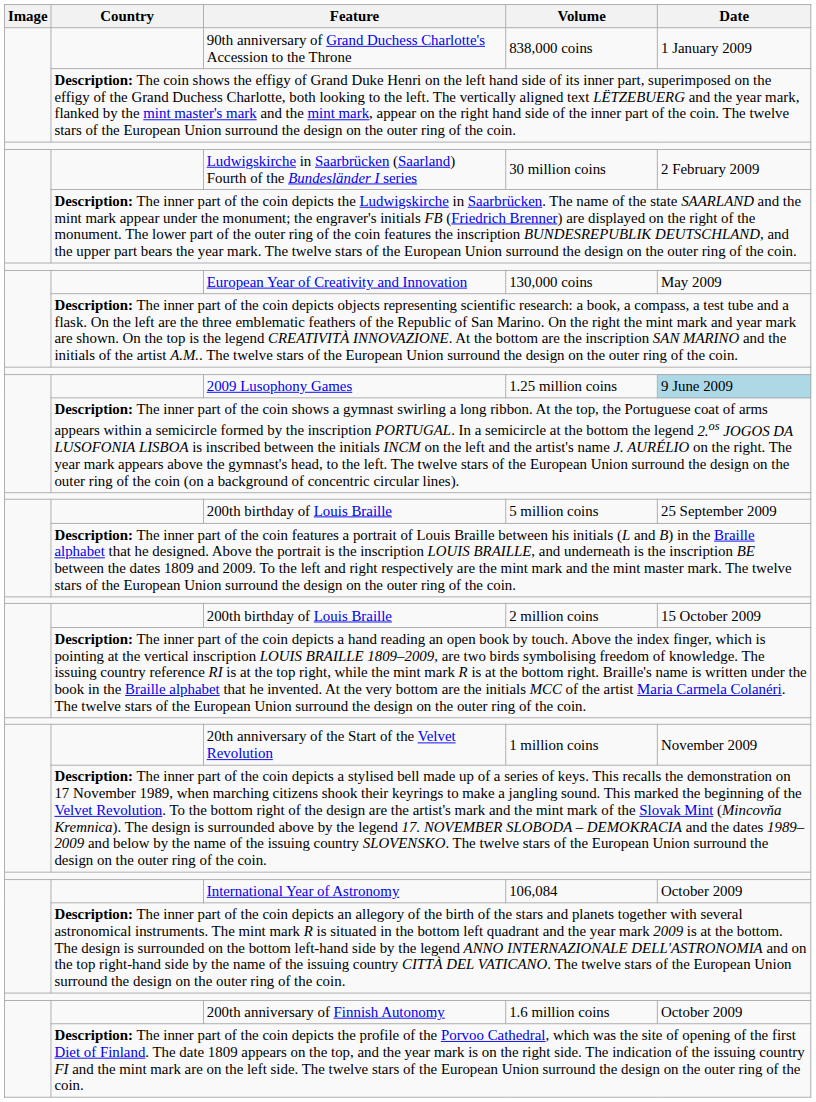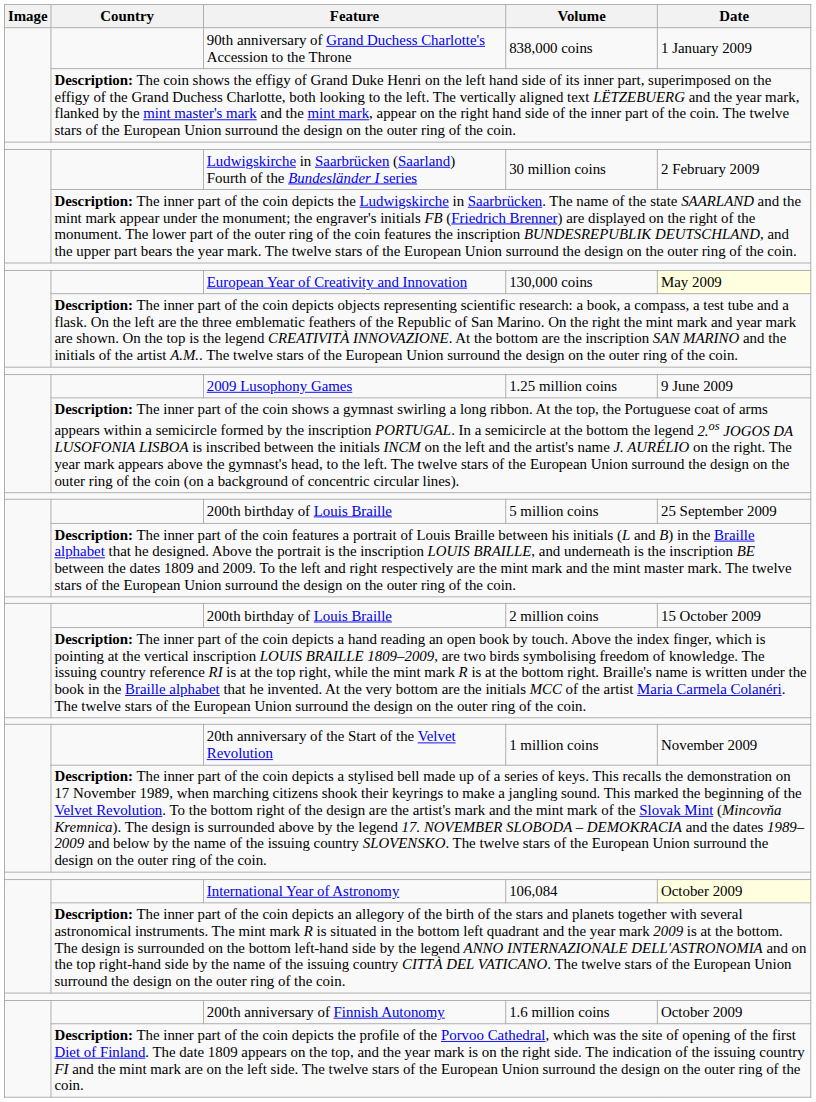 <table class="wikitable">
 <tr>
 <th>Image</th>
 <th>Country</th>
 <th>Feature</th>
 <th>Volume</th>
 <th>Date</th>
 </tr>
 <tr>
 <td style="width:160px;" rowspan="2"></td>
 <td></td>
 <td>90th anniversary of <a href='#'>Grand Duchess Charlotte's</a> Accession to the Throne</td>
 <td>838,000 coins</td>
 <td>1 January 2009</td>
 </tr>
 <tr>
 <td colspan="5"><strong>Description:</strong> The coin shows the effigy of Grand Duke Henri on the left hand side of its inner part, superimposed on the effigy of the Grand Duchess Charlotte, both looking to the left. The vertically aligned text <em>LËTZEBUERG</em> and the year mark, flanked by the <a href='#'>mint master's mark</a> and the <a href='#'>mint mark</a>, appear on the right hand side of the inner part of the coin. The twelve stars of the European Union surround the design on the outer ring of the coin.</td>
 </tr>
 <tr>
 <td colspan="5"></td>
 </tr>
 <tr>
 <td style="width:160px;" rowspan="2"></td>
 <td style="width:20%;"></td>
 <td style="width:40%;"><a href='#'>Ludwigskirche</a> in <a href='#'>Saarbrücken</a> (<a href='#'>Saarland</a>)<br>Fourth of the <a href='#'><em>Bundesländer I</em> series</a></td>
 <td style="width:20%;">30 million coins</td>
 <td style="width:20%;">2 February 2009</td>
 </tr>
 <tr>
 <td colspan="5"><strong>Description:</strong> The inner part of the coin depicts the <a href='#'>Ludwigskirche</a> in <a href='#'>Saarbrücken</a>. The name of the state <em>SAARLAND</em> and the mint mark appear under the monument; the engraver's initials <em>FB</em> (<a href='#'>Friedrich Brenner</a>) are displayed on the right of the monument. The lower part of the outer ring of the coin features the inscription <em>BUNDESREPUBLIK DEUTSCHLAND</em>, and the upper part bears the year mark. The twelve stars of the European Union surround the design on the outer ring of the coin.</td>
 </tr>
 <tr>
 <td colspan="5"></td>
 </tr>
 <tr>
 <td style="width:160px;" rowspan="2"></td>
 <td></td>
 <td><a href='#'>European Year of Creativity and Innovation</a></td>
 <td>130,000 coins</td>
-<td>May 2009</td>
+<td style="background: lightyellow;">May 2009</td>
 </tr>
 <tr>
 <td colspan="5"><strong>Description:</strong> The inner part of the coin depicts objects representing scientific research: a book, a compass, a test tube and a flask. On the left are the three emblematic feathers of the Republic of San Marino. On the right the mint mark and year mark are shown. On the top is the legend <em>CREATIVITÀ INNOVAZIONE</em>. At the bottom are the inscription <em>SAN MARINO</em> and the initials of the artist <em>A.M.</em>. The twelve stars of the European Union surround the design on the outer ring of the coin.</td>
 </tr>
 <tr>
 <td colspan="5"></td>
 </tr>
 <tr>
 <td style="width:160px;" rowspan="2"></td>
 <td style="width:20%;"></td>
 <td style="width:40%;"><a href='#'>2009 Lusophony Games</a></td>
 <td style="width:20%;">1.25 million coins</td>
-<td style="background: lightblue; width:20%;">9 June 2009</td>
+<td style="width:20%;">9 June 2009</td>
 </tr>
 <tr>
 <td colspan="5"><strong>Description:</strong> The inner part of the coin shows a gymnast swirling a long ribbon. At the top, the Portuguese coat of arms appears within a semicircle formed by the inscription <em>PORTUGAL</em>. In a semicircle at the bottom the legend <em>2.<sup>os</sup> JOGOS DA LUSOFONIA LISBOA</em> is inscribed between the initials <em>INCM</em> on the left and the artist's name <em>J. AURÉLIO</em> on the right. The year mark appears above the gymnast's head, to the left. The twelve stars of the European Union surround the design on the outer ring of the coin (on a background of concentric circular lines).</td>
 </tr>
 <tr>
 <td colspan="5"></td>
 </tr>
 <tr>
 <td style="width:160px;" rowspan="2"></td>
 <td style="width:20%;"></td>
 <td style="width:40%;">200th birthday of <a href='#'>Louis Braille</a></td>
 <td style="width:20%;">5 million coins</td>
 <td style="width:20%;">25 September 2009</td>
 </tr>
 <tr>
 <td colspan="5"><strong>Description:</strong> The inner part of the coin features a portrait of Louis Braille between his initials (<em>L</em> and <em>B</em>) in the <a href='#'>Braille alphabet</a> that he designed. Above the portrait is the inscription <em>LOUIS BRAILLE</em>, and underneath is the inscription <em>BE</em> between the dates 1809 and 2009. To the left and right respectively are the mint mark and the mint master mark. The twelve stars of the European Union surround the design on the outer ring of the coin.</td>
 </tr>
 <tr>
 <td colspan="5"></td>
 </tr>
 <tr>
 <td style="width:160px;" rowspan="2"></td>
 <td></td>
 <td>200th birthday of <a href='#'>Louis Braille</a></td>
 <td>2 million coins</td>
 <td>15 October 2009</td>
 </tr>
 <tr>
 <td colspan="5"><strong>Description:</strong> The inner part of the coin depicts a hand reading an open book by touch. Above the index finger, which is pointing at the vertical inscription <em>LOUIS BRAILLE 1809–2009</em>, are two birds symbolising freedom of knowledge. The issuing country reference <em>RI</em> is at the top right, while the mint mark <em>R</em> is at the bottom right. Braille's name is written under the book in the <a href='#'>Braille alphabet</a> that he invented. At the very bottom are the initials <em>MCC</em> of the artist <a href='#'>Maria Carmela Colanéri</a>. The twelve stars of the European Union surround the design on the outer ring of the coin.</td>
 </tr>
 <tr>
 <td colspan="5"></td>
 </tr>
 <tr>
 <td style="width:160px;" rowspan="2"></td>
 <td></td>
 <td>20th anniversary of the Start of the <a href='#'>Velvet Revolution</a></td>
 <td>1 million coins</td>
 <td>November 2009</td>
 </tr>
 <tr>
 <td colspan="5"><strong>Description:</strong> The inner part of the coin depicts a stylised bell made up of a series of keys. This recalls the demonstration on 17 November 1989, when marching citizens shook their keyrings to make a jangling sound. This marked the beginning of the <a href='#'>Velvet Revolution</a>. To the bottom right of the design are the artist's mark and the mint mark of the <a href='#'>Slovak Mint</a> (<em>Mincovňa Kremnica</em>). The design is surrounded above by the legend <em>17. NOVEMBER SLOBODA – DEMOKRACIA</em> and the dates <em>1989–2009</em> and below by the name of the issuing country <em>SLOVENSKO</em>. The twelve stars of the European Union surround the design on the outer ring of the coin.</td>
 </tr>
 <tr>
 <td colspan="5"></td>
 </tr>
 <tr>
 <td style="width:160px;" rowspan="2"></td>
 <td></td>
 <td><a href='#'>International Year of Astronomy</a></td>
 <td>106,084</td>
-<td>October 2009</td>
+<td style="background: lightyellow;">October 2009</td>
 </tr>
 <tr>
 <td colspan="5"><strong>Description:</strong> The inner part of the coin depicts an allegory of the birth of the stars and planets together with several astronomical instruments. The mint mark <em>R</em> is situated in the bottom left quadrant and the year mark <em>2009</em> is at the bottom. The design is surrounded on the bottom left-hand side by the legend <em>ANNO INTERNAZIONALE DELL'ASTRONOMIA</em> and on the top right-hand side by the name of the issuing country <em>CITTÀ DEL VATICANO</em>. The twelve stars of the European Union surround the design on the outer ring of the coin.</td>
 </tr>
 <tr>
 <td colspan="5"></td>
 </tr>
 <tr>
 <td style="width:160px;" rowspan="2"></td>
 <td></td>
 <td>200th anniversary of <a href='#'>Finnish Autonomy</a></td>
 <td>1.6 million coins</td>
 <td>October 2009</td>
 </tr>
 <tr>
 <td colspan="5"><strong>Description:</strong> The inner part of the coin depicts the profile of the <a href='#'>Porvoo Cathedral</a>, which was the site of opening of the first <a href='#'>Diet of Finland</a>. The date 1809 appears on the top, and the year mark is on the right side. The indication of the issuing country <em>FI</em> and the mint mark are on the left side. The twelve stars of the European Union surround the design on the outer ring of the coin.</td>
 </tr>
 </table>
